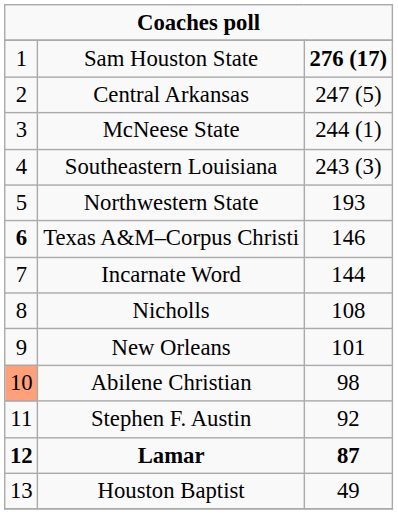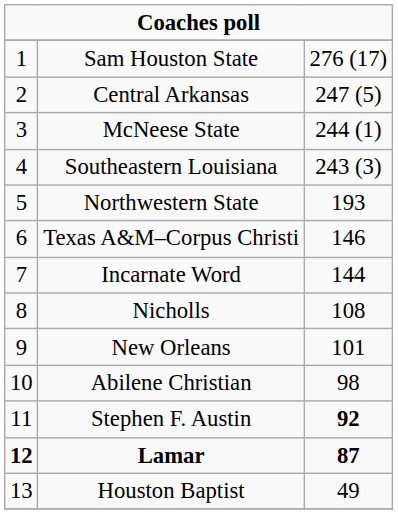 <table class="wikitable">
 <tr align="center">
 <td align="center" Colspan="3"><strong>Coaches poll</strong></td>
 </tr>
 <tr align="center">
 </tr>
 <tr align="center">
 <td>1</td>
 <td>Sam Houston State</td>
-<td><strong>276 (17)</strong></td>
+<td>276 (17)</td>
 </tr>
 <tr align="center">
 <td>2</td>
 <td>Central Arkansas</td>
 <td>247 (5)</td>
 </tr>
 <tr align="center">
 <td>3</td>
 <td>McNeese State</td>
 <td>244 (1)</td>
 </tr>
 <tr align="center">
 <td>4</td>
 <td>Southeastern Louisiana</td>
 <td>243 (3)</td>
 </tr>
 <tr align="center">
 <td>5</td>
 <td>Northwestern State</td>
 <td>193</td>
 </tr>
 <tr align="center">
-<td><strong>6</strong></td>
+<td>6</td>
 <td>Texas A&M–Corpus Christi</td>
 <td>146</td>
 </tr>
 <tr align="center">
 <td>7</td>
 <td>Incarnate Word</td>
 <td>144</td>
 </tr>
 <tr align="center">
 <td>8</td>
 <td>Nicholls</td>
 <td>108</td>
 </tr>
 <tr align="center">
 <td>9</td>
 <td>New Orleans</td>
 <td>101</td>
 </tr>
 <tr align="center">
-<td style="background: lightsalmon;">10</td>
+<td>10</td>
 <td>Abilene Christian</td>
 <td>98</td>
 </tr>
 <tr align="center">
 <td>11</td>
 <td>Stephen F. Austin</td>
-<td>92</td>
+<td><strong>92</strong></td>
 </tr>
 <tr align="center">
 <td><strong>12</strong></td>
 <td><strong>Lamar</strong></td>
 <td><strong>87</strong></td>
 </tr>
 <tr align="center">
 <td>13</td>
 <td>Houston Baptist</td>
 <td>49</td>
 </tr>
 <tr align="center">
 </tr>
 </table>
